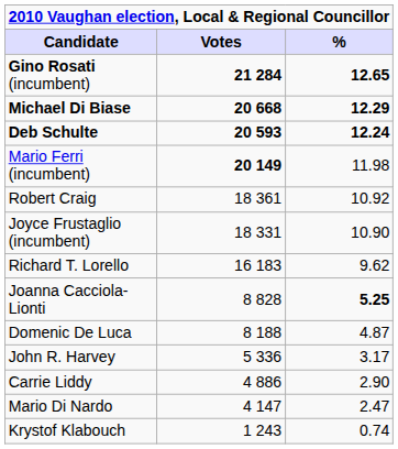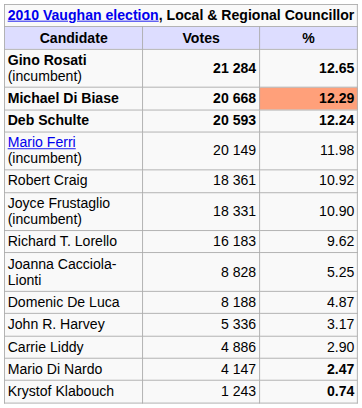 <table class="wikitable">
 <tr>
 <td colspan="3" style="text-align:center;"><strong><a href='#'>2010 Vaughan election</a>, Local & Regional Councillor</strong></td>
 </tr>
 <tr>
 <th style="background:#ddf; width:150px;">Candidate</th>
 <th style="background:#ddf;">Votes</th>
 <th style="background:#ddf;">%</th>
 </tr>
 <tr>
 <td><strong>Gino Rosati</strong> (incumbent)</td>
 <td align=right><strong>21 284</strong></td>
 <td align=right><strong>12.65</strong></td>
 </tr>
 <tr>
 <td><strong>Michael Di Biase</strong></td>
 <td align=right><strong>20 668</strong></td>
-<td align=right><strong>12.29</strong></td>
+<td align=right style="background: lightsalmon;"><strong>12.29</strong></td>
 </tr>
 <tr>
 <td><strong>Deb Schulte</strong></td>
 <td align=right><strong>20 593</strong></td>
 <td align=right><strong>12.24</strong></td>
 </tr>
 <tr>
 <td><a href='#'>Mario Ferri</a> (incumbent)</td>
-<td align=right><strong>20 149</strong></td>
+<td align=right>20 149</td>
 <td align=right>11.98</td>
 </tr>
 <tr>
 <td>Robert Craig</td>
 <td align=right>18 361</td>
 <td align=right>10.92</td>
 </tr>
 <tr>
 <td>Joyce Frustaglio (incumbent)</td>
 <td align=right>18 331</td>
 <td align=right>10.90</td>
 </tr>
 <tr>
 <td>Richard T. Lorello</td>
 <td align=right>16 183</td>
 <td align=right>9.62</td>
 </tr>
 <tr>
 <td>Joanna Cacciola-Lionti</td>
 <td align=right>8 828</td>
-<td align=right><strong>5.25</strong></td>
+<td align=right>5.25</td>
 </tr>
 <tr>
 <td>Domenic De Luca</td>
 <td align=right>8 188</td>
 <td align=right>4.87</td>
 </tr>
 <tr>
 <td>John R. Harvey</td>
 <td align=right>5 336</td>
 <td align=right>3.17</td>
 </tr>
 <tr>
 <td>Carrie Liddy</td>
 <td align=right>4 886</td>
 <td align=right>2.90</td>
 </tr>
 <tr>
 <td>Mario Di Nardo</td>
 <td align=right>4 147</td>
-<td align=right>2.47</td>
+<td align=right><strong>2.47</strong></td>
 </tr>
 <tr>
 <td>Krystof Klabouch</td>
 <td align=right>1 243</td>
-<td align=right>0.74</td>
+<td align=right><strong>0.74</strong></td>
 </tr>
 </table>
